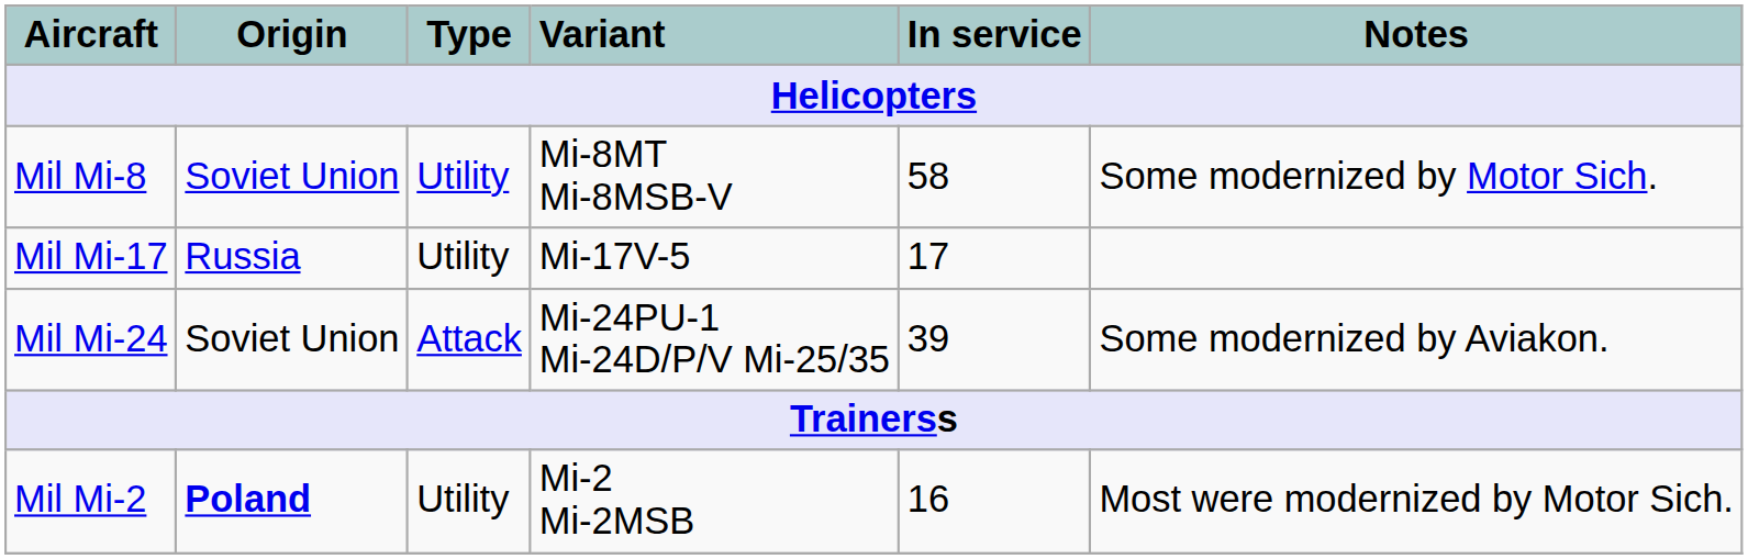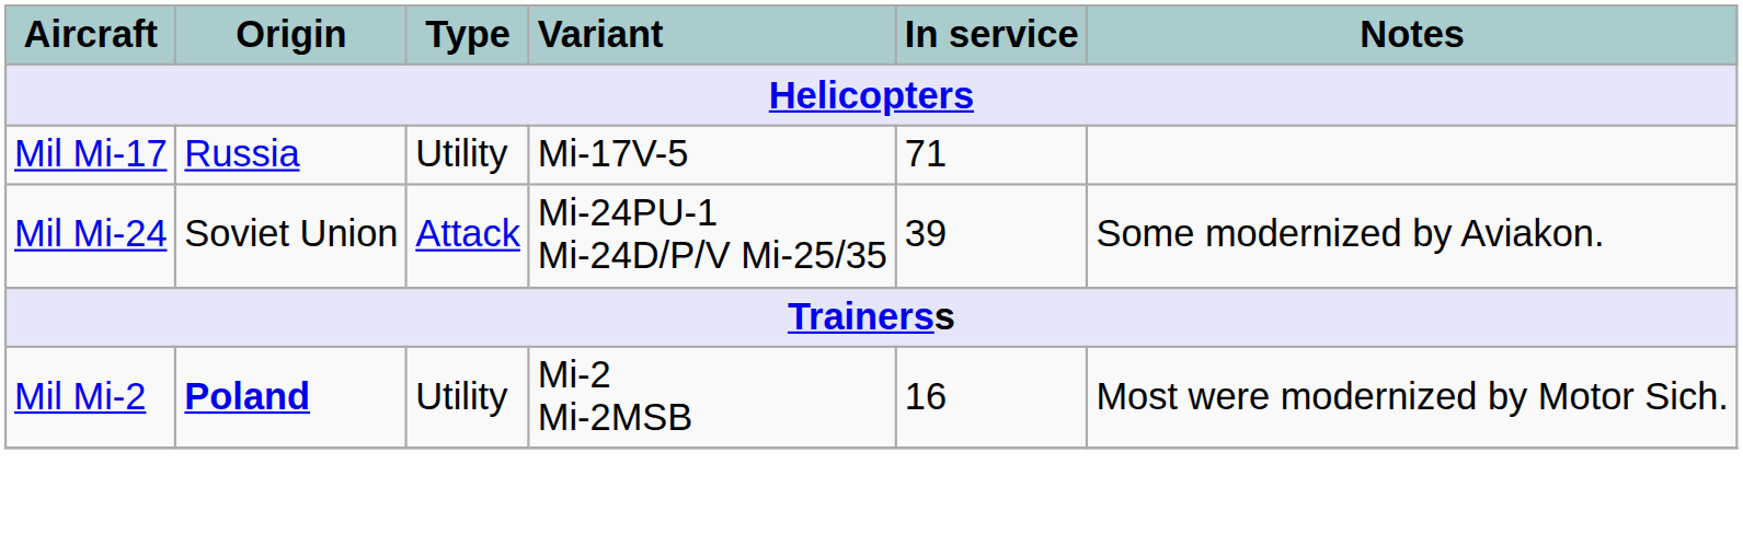 <table class="wikitable">
 <tr>
 <th style="text-align:center; background:#acc;">Aircraft</th>
 <th style="text-align: center; background:#acc;">Origin</th>
 <th style="text-align:l center; background:#acc;">Type</th>
 <th style="text-align:left; background:#acc;">Variant</th>
 <th style="text-align:center; background:#acc;">In service</th>
 <th style="text-align: center; background:#acc;">Notes</th>
 </tr>
 <tr>
 <th colspan="6" style="align: center; background: lavender;"><a href='#'>Helicopters</a></th>
 </tr>
 <tr>
-<td><a href='#'>Mil Mi-8</a></td>
-<td><a href='#'>Soviet Union</a></td>
-<td><a href='#'>Utility</a></td>
-<td>Mi-8MT<br>Mi-8MSB-V</td>
-<td>58</td>
-<td>Some modernized by <a href='#'>Motor Sich</a>.</td>
-</tr>
-<tr>
 <td><a href='#'>Mil Mi-17</a></td>
 <td><a href='#'>Russia</a></td>
 <td>Utility</td>
 <td>Mi-17V-5</td>
-<td>17</td>
+<td>71</td>
 <td></td>
 </tr>
 <tr>
 <td><a href='#'>Mil Mi-24</a></td>
 <td>Soviet Union</td>
 <td><a href='#'>Attack</a></td>
 <td>Mi-24PU-1<br>Mi-24D/P/V Mi-25/35</td>
 <td>39</td>
 <td>Some modernized by Aviakon.</td>
 </tr>
 <tr>
 <th colspan="6" style="align: center; background: lavender;"><a href='#'>Trainers</a>s</th>
 </tr>
 <tr>
 <td><a href='#'>Mil Mi-2</a></td>
 <td><strong><a href='#'>Poland</a></strong></td>
 <td>Utility</td>
 <td>Mi-2<br>Mi-2MSB</td>
 <td>16</td>
 <td>Most were modernized by Motor Sich.</td>
 </tr>
 <tr>
 </tr>
 </table>
